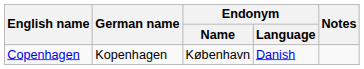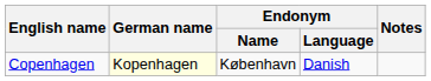 <table class="wikitable sortable mw-collapsible">
 <tr>
 <th rowspan="2">English name</th>
 <th rowspan="2">German name</th>
 <th colspan="2">Endonym</th>
 <th rowspan="2">Notes</th>
 </tr>
 <tr>
 <th>Name</th>
 <th>Language</th>
 </tr>
 <tr>
 <td><a href='#'>Copenhagen</a></td>
-<td>Kopenhagen</td>
+<td style="background: lightyellow;">Kopenhagen</td>
 <td>København</td>
 <td><a href='#'>Danish</a></td>
 <td></td>
 </tr>
 </table>
